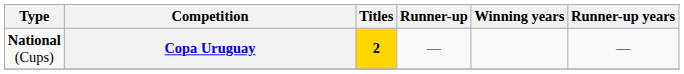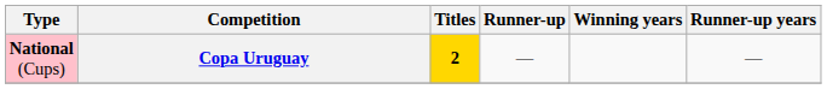 <table class="wikitable plainrowheaders" style="font-size:95%; text-align:center;">
 <tr>
 <th>Type</th>
 <th width=300px>Competition</th>
 <th>Titles</th>
 <th>Runner-up</th>
 <th>Winning years</th>
 <th>Runner-up years</th>
 </tr>
 <tr>
-<td rowspan="1"><strong>National</strong><br>(Cups)</td>
+<td rowspan="1" style="background: pink;"><strong>National</strong><br>(Cups)</td>
 <th scope="col"><a href='#'>Copa Uruguay</a></th>
 <td bgcolor="gold"><strong>2</strong></td>
 <td style="text-align:center;">—</td>
 <td></td>
 <td style="text-align:center;">—</td>
 </tr>
 <tr>
 </tr>
 </table>
